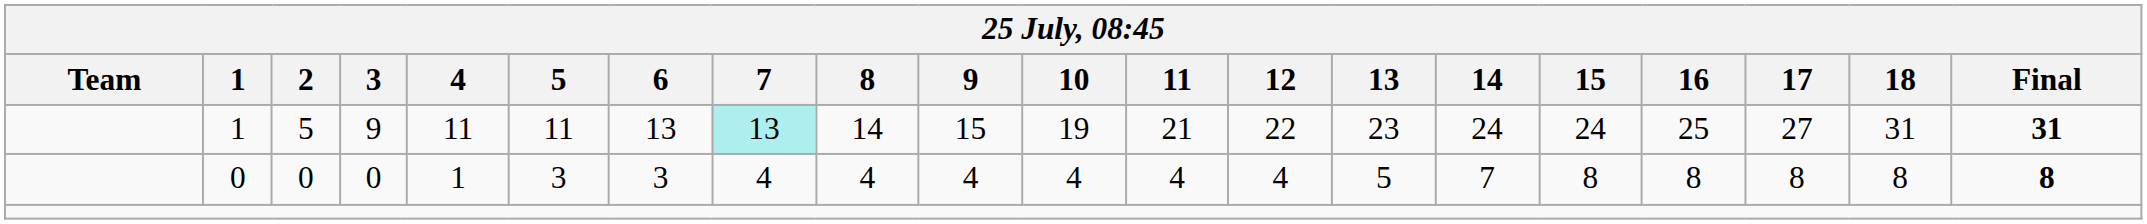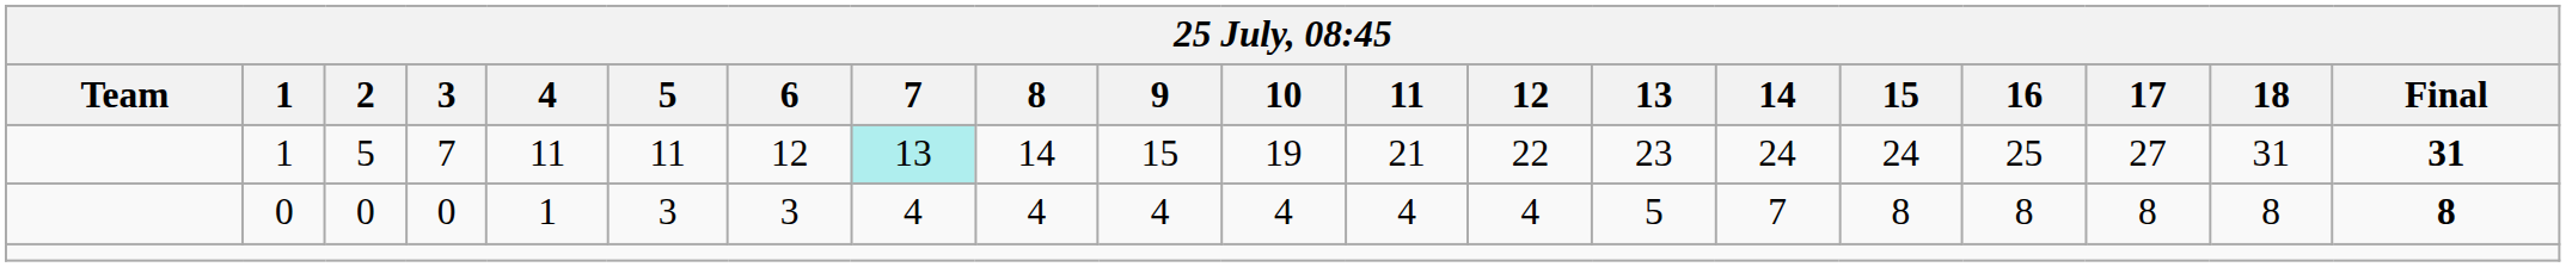 <table class=wikitable style="text-align:center; width: 55%">
 <tr>
 <th colspan=20><em>25 July, 08:45</em></th>
 </tr>
 <tr>
 <th>Team</th>
 <th>1</th>
 <th>2</th>
 <th>3</th>
 <th>4</th>
 <th>5</th>
 <th>6</th>
 <th>7</th>
 <th>8</th>
 <th>9</th>
 <th>10</th>
 <th>11</th>
 <th>12</th>
 <th>13</th>
 <th>14</th>
 <th>15</th>
 <th>16</th>
 <th>17</th>
 <th>18</th>
 <th>Final</th>
 </tr>
 <tr>
 <td align=left><strong></strong></td>
 <td>1</td>
 <td>5</td>
-<td>9</td>
+<td>7</td>
 <td>11</td>
 <td>11</td>
-<td>13</td>
+<td>12</td>
 <td style="background: paleturquoise;">13</td>
 <td>14</td>
 <td>15</td>
 <td>19</td>
 <td>21</td>
 <td>22</td>
 <td>23</td>
 <td>24</td>
 <td>24</td>
 <td>25</td>
 <td>27</td>
 <td>31</td>
 <td><strong>31</strong></td>
 </tr>
 <tr>
 <td align=left></td>
 <td>0</td>
 <td>0</td>
 <td>0</td>
 <td>1</td>
 <td>3</td>
 <td>3</td>
 <td>4</td>
 <td>4</td>
 <td>4</td>
 <td>4</td>
 <td>4</td>
 <td>4</td>
 <td>5</td>
 <td>7</td>
 <td>8</td>
 <td>8</td>
 <td>8</td>
 <td>8</td>
 <td><strong>8</strong></td>
 </tr>
 <tr>
 <td colspan=20></td>
 </tr>
 </table>
